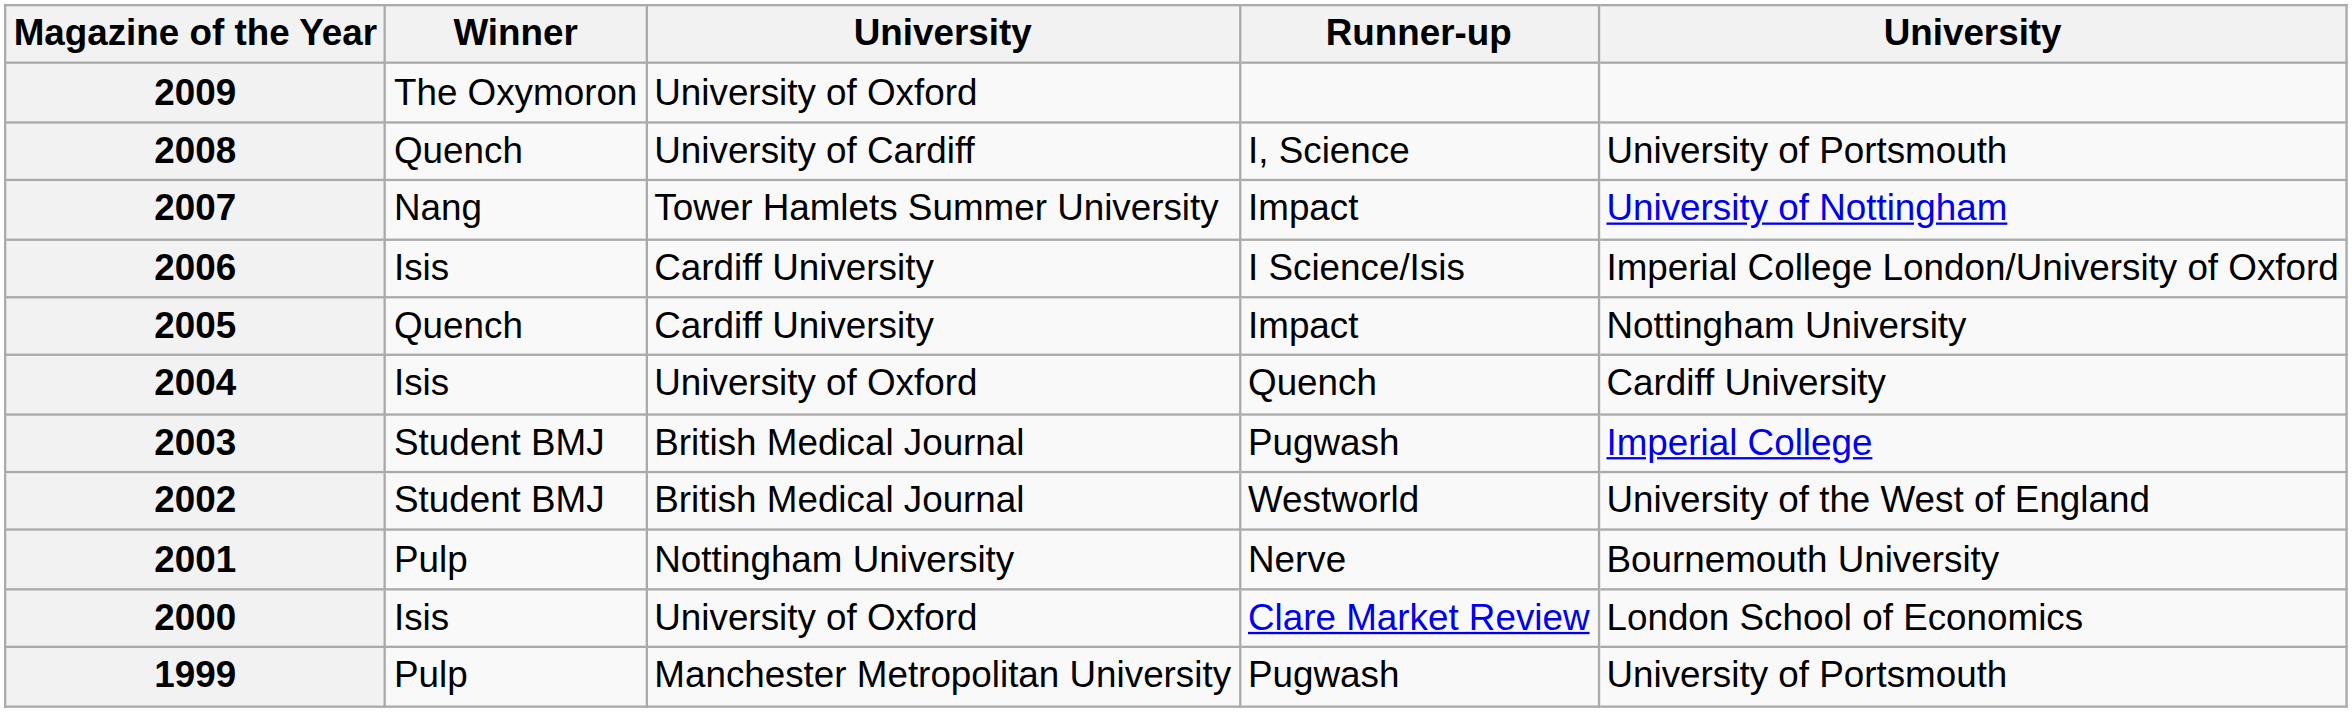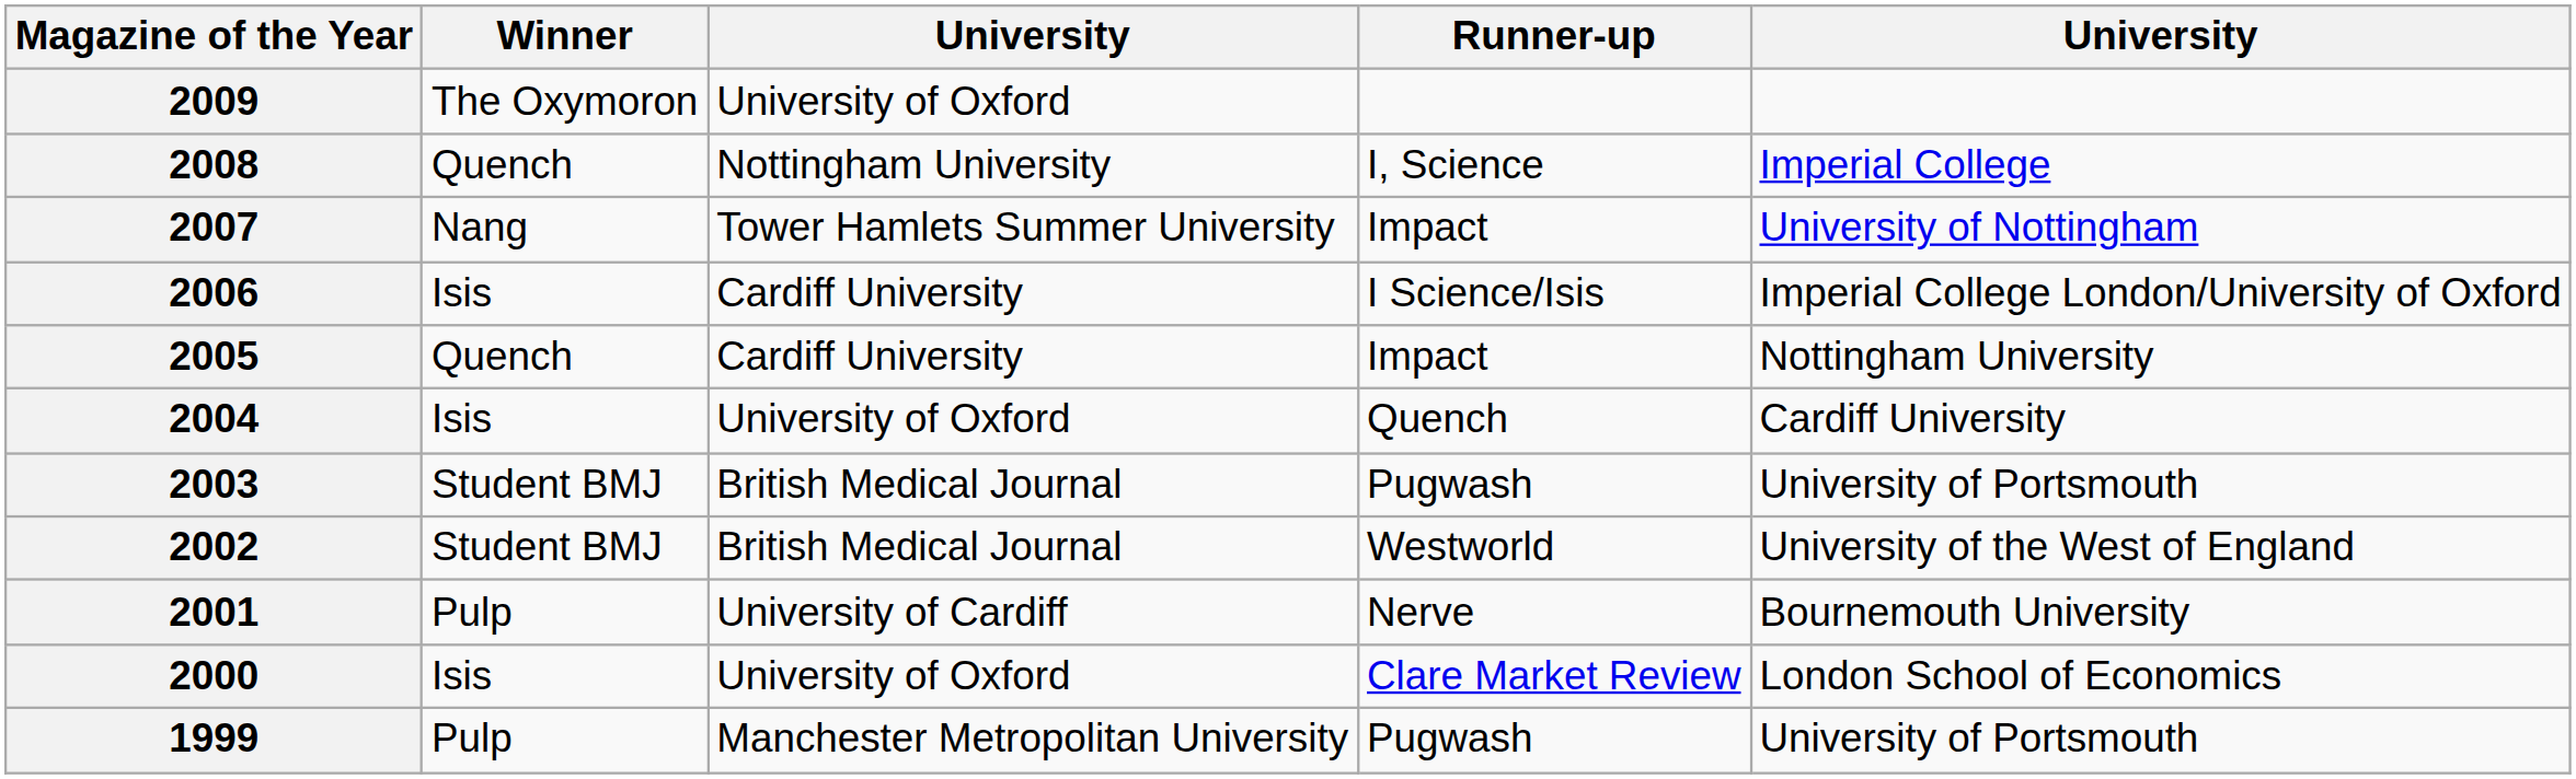 <table class="wikitable" style="font-align: center">
 <tr>
 <th>Magazine of the Year</th>
 <th>Winner</th>
 <th>University</th>
 <th>Runner-up</th>
 <th>University</th>
 </tr>
 <tr>
 <th>2009</th>
 <td>The Oxymoron</td>
 <td>University of Oxford</td>
 <td></td>
 <td></td>
 </tr>
 <tr>
 <th>2008</th>
 <td>Quench</td>
-<td>University of Cardiff</td>
+<td>Nottingham University</td>
 <td>I, Science</td>
-<td>University of Portsmouth</td>
+<td><a href='#'>Imperial College</a></td>
 </tr>
 <tr>
 <th>2007</th>
 <td>Nang</td>
 <td>Tower Hamlets Summer University</td>
 <td>Impact</td>
 <td><a href='#'>University of Nottingham</a></td>
 </tr>
 <tr>
 <th>2006</th>
 <td>Isis</td>
 <td>Cardiff University</td>
 <td>I Science/Isis</td>
 <td>Imperial College London/University of Oxford</td>
 </tr>
 <tr>
 <th>2005</th>
 <td>Quench</td>
 <td>Cardiff University</td>
 <td>Impact</td>
 <td>Nottingham University</td>
 </tr>
 <tr>
 <th>2004</th>
 <td>Isis</td>
 <td>University of Oxford</td>
 <td>Quench</td>
 <td>Cardiff University</td>
 </tr>
 <tr>
 <th>2003</th>
 <td>Student BMJ</td>
 <td>British Medical Journal</td>
 <td>Pugwash</td>
-<td><a href='#'>Imperial College</a></td>
+<td>University of Portsmouth</td>
 </tr>
 <tr>
 <th>2002</th>
 <td>Student BMJ</td>
 <td>British Medical Journal</td>
 <td>Westworld</td>
 <td>University of the West of England</td>
 </tr>
 <tr>
 <th>2001</th>
 <td>Pulp</td>
-<td>Nottingham University</td>
+<td>University of Cardiff</td>
 <td>Nerve</td>
 <td>Bournemouth University</td>
 </tr>
 <tr>
 <th>2000</th>
 <td>Isis</td>
 <td>University of Oxford</td>
 <td><a href='#'>Clare Market Review</a></td>
 <td>London School of Economics</td>
 </tr>
 <tr>
 <th>1999</th>
 <td>Pulp</td>
 <td>Manchester Metropolitan University</td>
 <td>Pugwash</td>
 <td>University of Portsmouth</td>
 </tr>
 </table>
